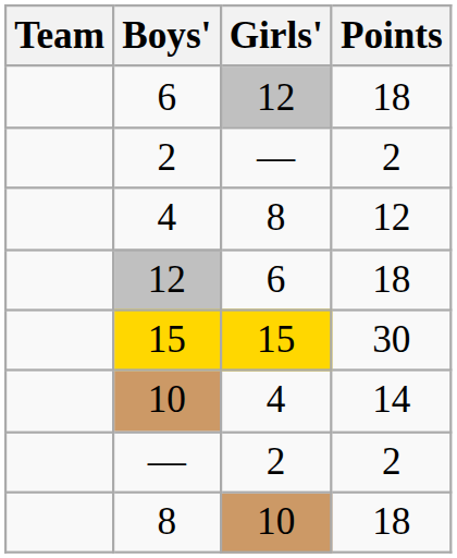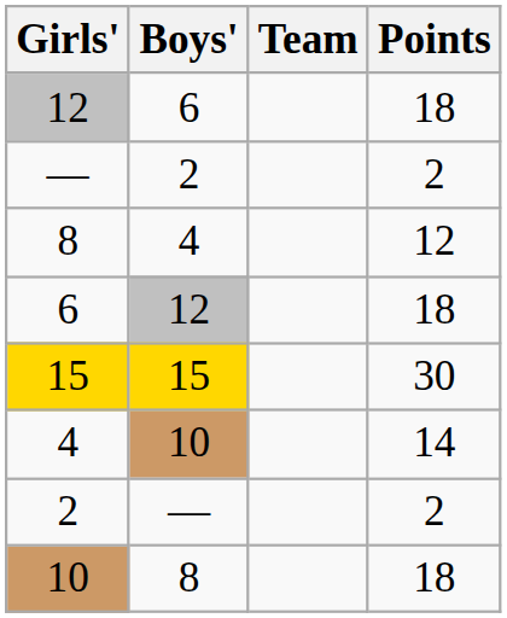 <table class="wikitable sortable" style="text-align:center">
 <tr>
+<th>Girls'</th>
+<th>Boys'</th>
 <th>Team</th>
-<th>Boys'</th>
-<th>Girls'</th>
 <th>Points</th>
 </tr>
 <tr>
+<td bgcolor=silver>12</td>
+<td>6</td>
 <td align=left></td>
-<td>6</td>
-<td bgcolor=silver>12</td>
 <td>18</td>
 </tr>
 <tr>
+<td>—</td>
+<td>2</td>
 <td align=left></td>
-<td>2</td>
-<td>—</td>
 <td>2</td>
 </tr>
 <tr>
+<td>8</td>
+<td>4</td>
 <td align=left></td>
-<td>4</td>
-<td>8</td>
 <td>12</td>
 </tr>
 <tr>
+<td>6</td>
+<td bgcolor=silver>12</td>
 <td align=left></td>
-<td bgcolor=silver>12</td>
-<td>6</td>
 <td>18</td>
 </tr>
 <tr>
-<td align=left></td>
 <td bgcolor=gold>15</td>
 <td bgcolor=gold>15</td>
+<td align=left></td>
 <td>30</td>
 </tr>
 <tr>
+<td>4</td>
+<td bgcolor=#CC9966>10</td>
 <td align=left></td>
-<td bgcolor=#CC9966>10</td>
-<td>4</td>
 <td>14</td>
 </tr>
 <tr>
+<td>2</td>
+<td>—</td>
 <td align=left></td>
-<td>—</td>
-<td>2</td>
 <td>2</td>
 </tr>
 <tr>
+<td bgcolor=#CC9966>10</td>
+<td>8</td>
 <td align=left></td>
-<td>8</td>
-<td bgcolor=#CC9966>10</td>
 <td>18</td>
 </tr>
 </table>
